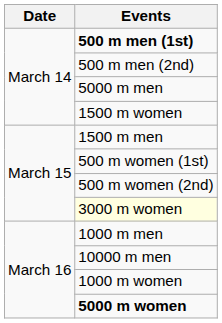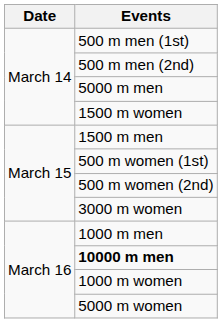 <table class="wikitable" border="1">
 <tr>
 <th>Date</th>
 <th>Events</th>
 </tr>
 <tr>
 <td rowspan=4>March 14</td>
-<td><strong>500 m men (1st)</strong></td>
+<td>500 m men (1st)</td>
 </tr>
 <tr>
 <td>500 m men (2nd)</td>
 </tr>
 <tr>
 <td>5000 m men</td>
 </tr>
 <tr>
 <td>1500 m women</td>
 </tr>
 <tr>
 <td rowspan=4>March 15</td>
 <td>1500 m men</td>
 </tr>
 <tr>
 <td>500 m women (1st)</td>
 </tr>
 <tr>
 <td>500 m women (2nd)</td>
 </tr>
 <tr>
-<td style="background: lightyellow;">3000 m women</td>
+<td>3000 m women</td>
 </tr>
 <tr>
 <td rowspan=4>March 16</td>
 <td>1000 m men</td>
 </tr>
 <tr>
-<td>10000 m men</td>
+<td><strong>10000 m men</strong></td>
 </tr>
 <tr>
 <td>1000 m women</td>
 </tr>
 <tr>
-<td><strong>5000 m women</strong></td>
+<td>5000 m women</td>
 </tr>
 </table>
